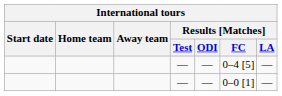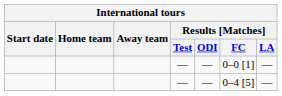 <table class="wikitable">
 <tr>
 <th colspan="7">International tours</th>
 </tr>
 <tr>
 <th rowspan="2">Start date</th>
 <th rowspan="2">Home team</th>
 <th rowspan="2">Away team</th>
 <th colspan="4">Results [Matches]</th>
 </tr>
 <tr>
 <th><a href='#'>Test</a></th>
 <th><a href='#'>ODI</a></th>
 <th><a href='#'>FC</a></th>
 <th><a href='#'>LA</a></th>
 </tr>
 <tr>
 <td><a href='#'></a></td>
 <td></td>
 <td></td>
 <td ; style="text-align:center">—</td>
 <td ; style="text-align:center">—</td>
-<td>0–4 [5]</td>
+<td>0–0 [1]</td>
 <td ; style="text-align:center">—</td>
 </tr>
 <tr>
 <td><a href='#'></a></td>
 <td></td>
 <td></td>
 <td ; style="text-align:center">—</td>
 <td ; style="text-align:center">—</td>
-<td>0–0 [1]</td>
+<td>0–4 [5]</td>
 <td ; style="text-align:center">—</td>
 </tr>
 </table>
